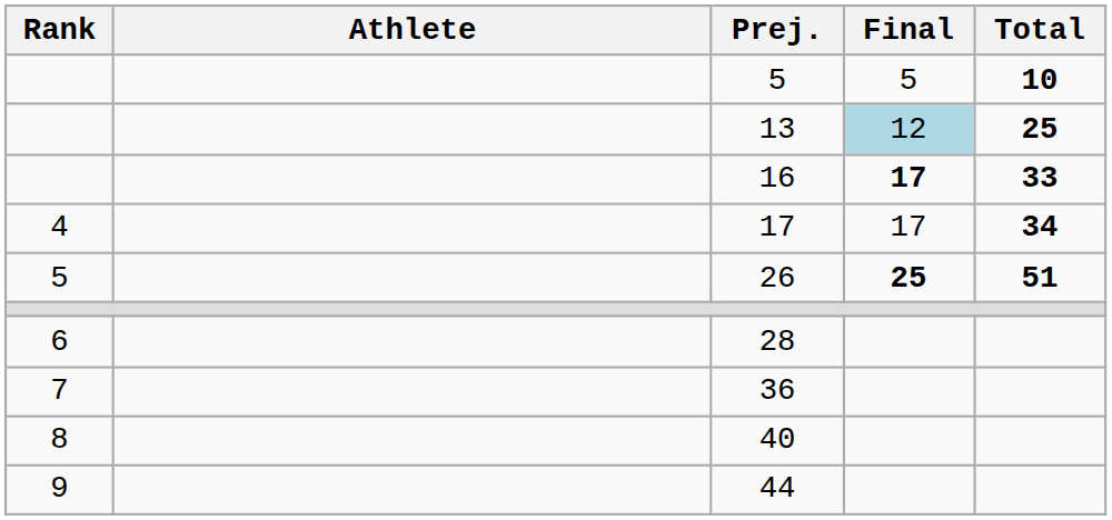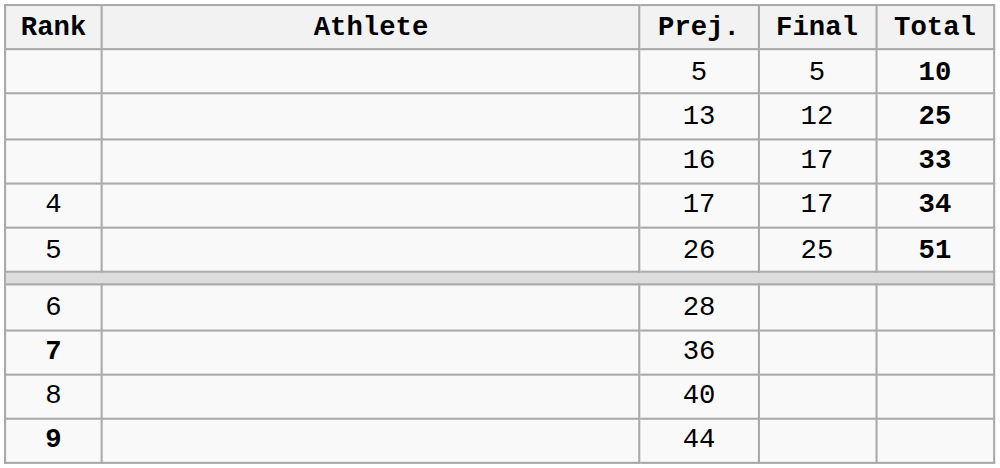 <table class=wikitable style="text-align:center">
 <tr>
 <th width=40>Rank</th>
 <th width=250>Athlete</th>
 <th width=50>Prej.</th>
 <th width=50>Final</th>
 <th width=50>Total</th>
 </tr>
 <tr>
 <td></td>
 <td align=left></td>
 <td>5</td>
 <td>5</td>
 <td><strong>10</strong></td>
 </tr>
 <tr>
 <td></td>
 <td align=left></td>
 <td>13</td>
-<td style="background: lightblue;">12</td>
+<td>12</td>
 <td><strong>25</strong></td>
 </tr>
 <tr>
 <td></td>
 <td align=left></td>
 <td>16</td>
-<td><strong>17</strong></td>
+<td>17</td>
 <td><strong>33</strong></td>
 </tr>
 <tr>
 <td>4</td>
 <td align=left></td>
 <td>17</td>
 <td>17</td>
 <td><strong>34</strong></td>
 </tr>
 <tr>
 <td>5</td>
 <td align=left></td>
 <td>26</td>
-<td><strong>25</strong></td>
+<td>25</td>
 <td><strong>51</strong></td>
 </tr>
 <tr bgcolor=#DDDDDD>
 <td colspan=5></td>
 </tr>
 <tr>
 <td>6</td>
 <td align=left></td>
 <td>28</td>
 <td></td>
 <td></td>
 </tr>
 <tr>
-<td>7</td>
+<td><strong>7</strong></td>
 <td align=left></td>
 <td>36</td>
 <td></td>
 <td></td>
 </tr>
 <tr>
 <td>8</td>
 <td align=left></td>
 <td>40</td>
 <td></td>
 <td></td>
 </tr>
 <tr>
-<td>9</td>
+<td><strong>9</strong></td>
 <td align=left></td>
 <td>44</td>
 <td></td>
 <td></td>
 </tr>
 </table>
